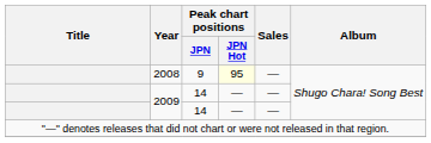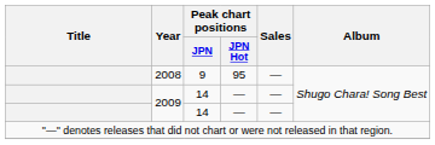 <table class="wikitable plainrowheaders" style="text-align:center;">
 <tr>
 <th scope="col" rowspan="2" style="width:12em;">Title</th>
 <th scope="col" rowspan="2">Year</th>
 <th scope="col" colspan="2">Peak chart positions</th>
 <th scope="col" rowspan="2">Sales</th>
 <th scope="col" rowspan="2">Album</th>
 </tr>
 <tr>
 <th scope="col" style="width:3em;font-size:90%;"><a href='#'>JPN</a><br></th>
 <th scope="col" style="width:3em;font-size:90%;"><a href='#'>JPN<br>Hot</a><br></th>
 </tr>
 <tr>
 <th scope="row"></th>
 <td>2008</td>
 <td>9</td>
-<td style="background: lightyellow;">95</td>
+<td>95</td>
 <td>—</td>
 <td rowspan="3"><em>Shugo Chara! Song Best</em></td>
 </tr>
 <tr>
 <th scope="row"></th>
 <td rowspan="2">2009</td>
 <td>14</td>
 <td>—</td>
 <td>—</td>
 </tr>
 <tr>
 <th scope="row"></th>
 <td>14</td>
 <td>—</td>
 <td>—</td>
 </tr>
 <tr>
 <td colspan="6" style="font-size:90%;">"—" denotes releases that did not chart or were not released in that region.</td>
 </tr>
 <tr>
 </tr>
 </table>
